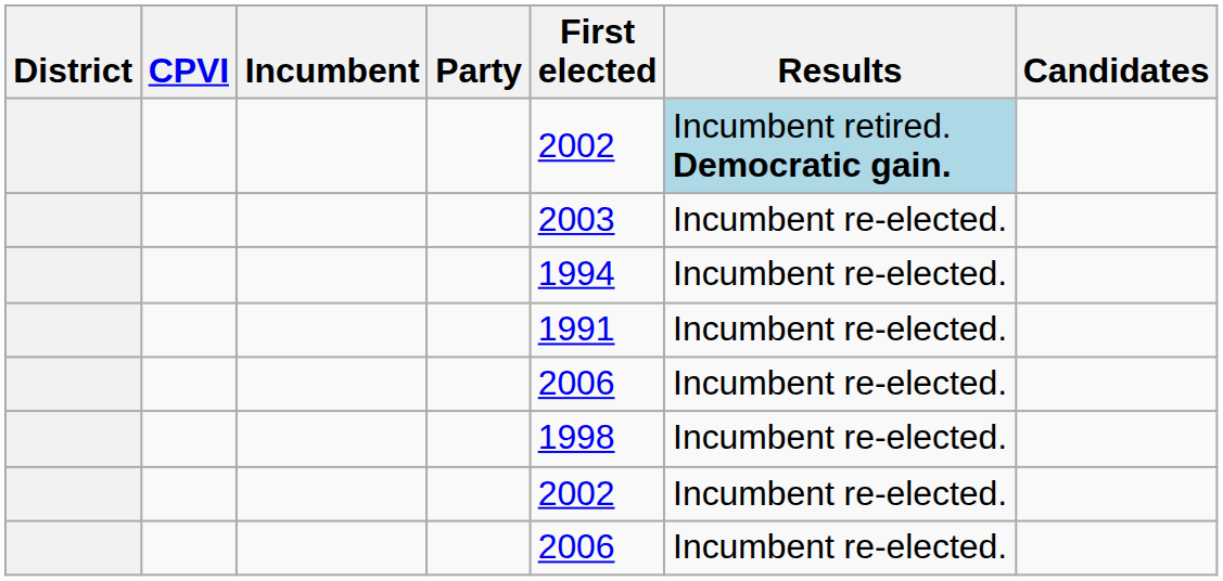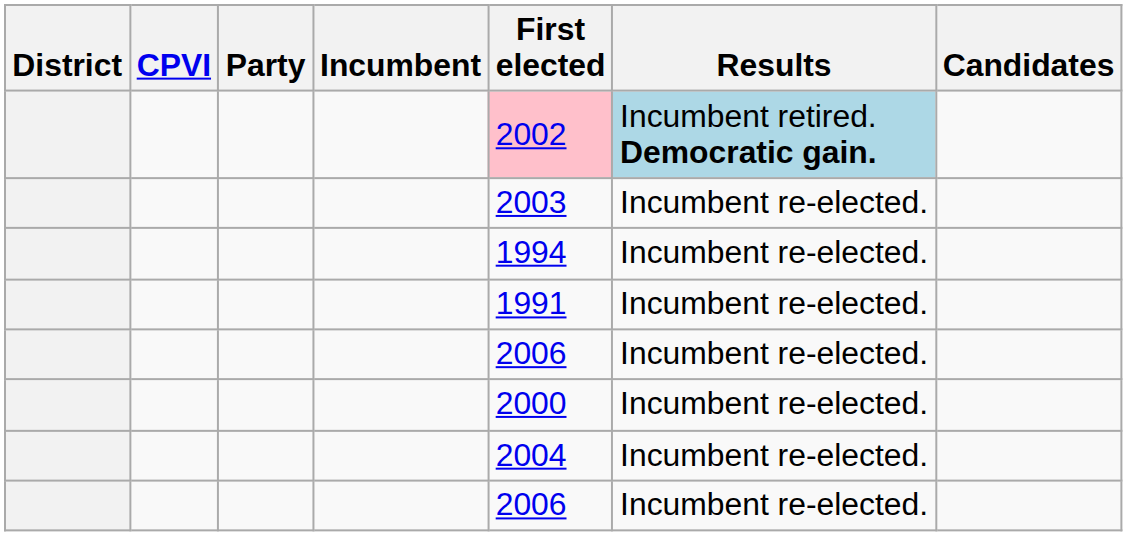 <table class="wikitable sortable">
 <tr valign=bottom>
 <th>District</th>
 <th><a href='#'>CPVI</a></th>
+<th>Party</th>
 <th>Incumbent</th>
-<th>Party</th>
 <th>First<br>elected</th>
 <th>Results</th>
 <th>Candidates</th>
 </tr>
 <tr>
 <th></th>
 <td></td>
 <td></td>
 <td></td>
-<td><a href='#'>2002</a></td>
+<td style="background: pink;"><a href='#'>2002</a></td>
 <td style="background: lightblue;">Incumbent retired.<br><strong>Democratic gain.</strong></td>
 <td nowrap></td>
 </tr>
 <tr>
 <th></th>
 <td></td>
 <td></td>
 <td></td>
 <td><a href='#'>2003</a></td>
 <td>Incumbent re-elected.</td>
 <td nowrap></td>
 </tr>
 <tr>
 <th></th>
 <td></td>
 <td></td>
 <td></td>
 <td><a href='#'>1994</a></td>
 <td>Incumbent re-elected.</td>
 <td nowrap></td>
 </tr>
 <tr>
 <th></th>
 <td></td>
 <td></td>
 <td></td>
 <td><a href='#'>1991</a></td>
 <td>Incumbent re-elected.</td>
 <td nowrap></td>
 </tr>
 <tr>
 <th></th>
 <td></td>
 <td></td>
 <td></td>
 <td><a href='#'>2006</a></td>
 <td>Incumbent re-elected.</td>
 <td nowrap></td>
 </tr>
 <tr>
 <th></th>
 <td></td>
 <td></td>
 <td></td>
-<td><a href='#'>1998</a></td>
+<td><a href='#'>2000</a></td>
 <td>Incumbent re-elected.</td>
 <td nowrap></td>
 </tr>
 <tr>
 <th></th>
 <td></td>
 <td></td>
 <td></td>
-<td><a href='#'>2002</a></td>
+<td><a href='#'>2004</a></td>
 <td>Incumbent re-elected.</td>
 <td nowrap></td>
 </tr>
 <tr>
 <th></th>
 <td></td>
 <td></td>
 <td></td>
 <td><a href='#'>2006</a></td>
 <td>Incumbent re-elected.</td>
 <td nowrap></td>
 </tr>
 </table>
